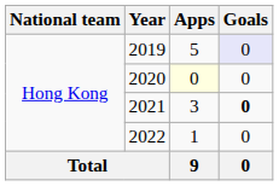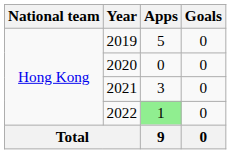 <table class="wikitable" style="text-align:center">
 <tr>
 <th>National team</th>
 <th>Year</th>
 <th>Apps</th>
 <th>Goals</th>
 </tr>
 <tr>
 <td rowspan="4"><a href='#'>Hong Kong</a></td>
 <td>2019</td>
 <td>5</td>
-<td style="background: lavender;">0</td>
+<td>0</td>
 </tr>
 <tr>
 <td>2020</td>
-<td style="background: lightyellow;">0</td>
+<td>0</td>
 <td>0</td>
 </tr>
 <tr>
 <td>2021</td>
 <td>3</td>
-<td><strong>0</strong></td>
+<td>0</td>
 </tr>
 <tr>
 <td>2022</td>
-<td>1</td>
+<td style="background: lightgreen;">1</td>
 <td>0</td>
 </tr>
 <tr>
 <th colspan="2">Total</th>
 <th>9</th>
 <th>0</th>
 </tr>
 </table>
